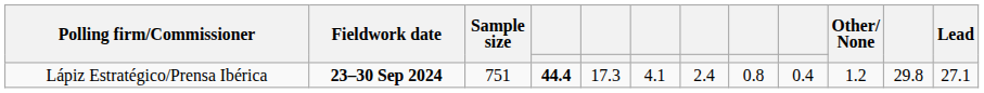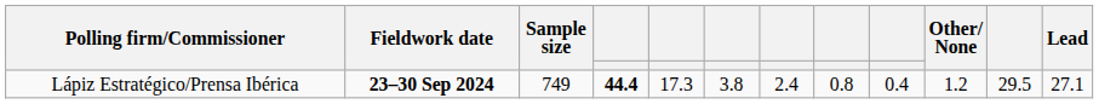 <table class="wikitable collapsible collapsed" style="text-align:center; font-size:90%; line-height:14px;">
 <tr style="height:42px;">
 <th style="width:250px;" rowspan="2">Polling firm/Commissioner</th>
 <th style="width:125px;" rowspan="2">Fieldwork date</th>
 <th style="width:50px;" rowspan="2">Sample size</th>
 <th style="width:35px;"></th>
 <th style="width:35px;"></th>
 <th style="width:35px;"></th>
 <th style="width:35px;"></th>
 <th style="width:35px;"><br></th>
 <th style="width:35px;"></th>
 <th style="width:35px;" rowspan="2">Other/<br>None</th>
 <th style="width:35px;" rowspan="2"></th>
 <th style="width:30px;" rowspan="2">Lead</th>
 </tr>
 <tr>
 <th style="color:inherit;background:"></th>
 <th style="color:inherit;background:"></th>
 <th style="color:inherit;background:"></th>
 <th style="color:inherit;background:"></th>
 <th style="color:inherit;background:"></th>
 <th style="color:inherit;background:"></th>
 </tr>
 <tr>
 <td>Lápiz Estratégico/Prensa Ibérica</td>
 <td><strong>23–30 Sep 2024</strong></td>
-<td>751</td>
+<td>749</td>
 <td><strong>44.4</strong></td>
 <td>17.3</td>
-<td>4.1</td>
+<td>3.8</td>
 <td>2.4</td>
 <td>0.8</td>
 <td>0.4</td>
 <td>1.2</td>
-<td>29.8</td>
+<td>29.5</td>
 <td style="background:">27.1</td>
 </tr>
 </table>
